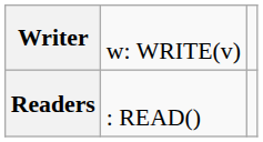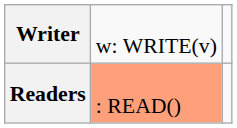 <table class="wikitable">
 <tr>
 <th>Writer</th>
 <td><br>w: WRITE(v)</td>
 <td></td>
 </tr>
 <tr>
 <th>Readers</th>
-<td><br>: READ()</td>
+<td style="background: lightsalmon;"><br>: READ()</td>
 <td></td>
 </tr>
 </table>
